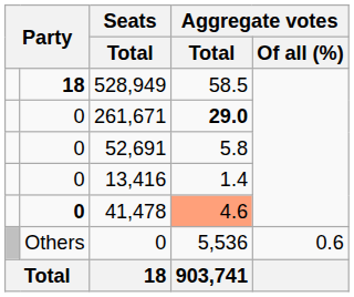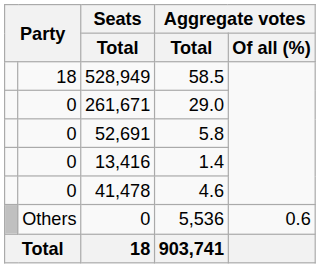 <table class="wikitable" style="text-align:right; font-size:95%;">
 <tr>
 <th colspan="2" rowspan="2">Party</th>
 <th>Seats</th>
 <th colspan="2">Aggregate votes</th>
 </tr>
 <tr>
 <th>Total</th>
 <th>Total</th>
 <th>Of all (%)</th>
 </tr>
 <tr>
 <td></td>
-<td><strong>18</strong></td>
+<td>18</td>
 <td>528,949</td>
 <td>58.5</td>
 </tr>
 <tr>
 <td></td>
 <td>0</td>
 <td>261,671</td>
-<td><strong>29.0</strong></td>
+<td>29.0</td>
 </tr>
 <tr>
 <td></td>
 <td>0</td>
 <td>52,691</td>
 <td>5.8</td>
 </tr>
 <tr>
 <td></td>
 <td>0</td>
 <td>13,416</td>
 <td>1.4</td>
 </tr>
 <tr>
 <td></td>
-<td><strong>0</strong></td>
+<td>0</td>
 <td>41,478</td>
-<td style="background: lightsalmon;">4.6</td>
+<td>4.6</td>
 </tr>
 <tr>
 <td style="background:silver;"> </td>
 <td align=left>Others</td>
 <td>0</td>
 <td>5,536</td>
 <td>0.6</td>
 </tr>
 <tr>
 <th colspan="2" style="background:#f2f2f2"><strong>Total</strong></th>
 <td style="background:#f2f2f2;"><strong>18</strong></td>
 <td style="background:#f2f2f2;"><strong>903,741</strong></td>
 <td style="background:#f2f2f2;"></td>
 </tr>
 </table>
